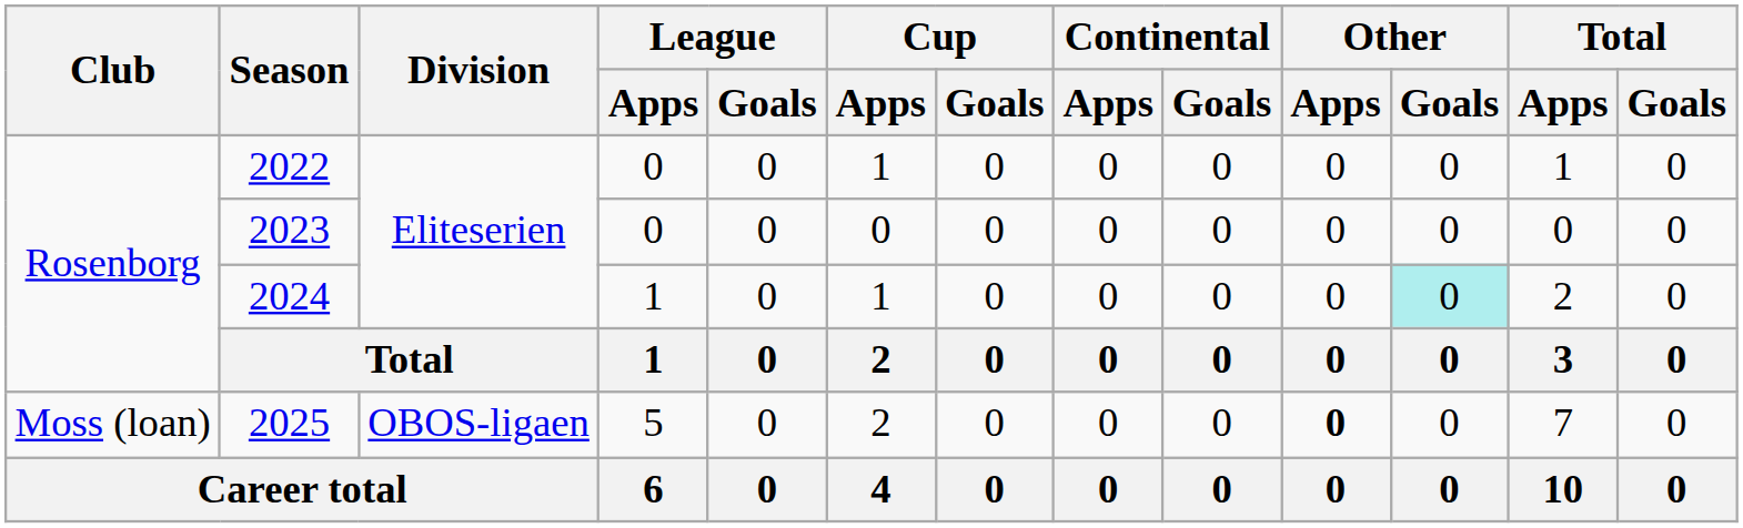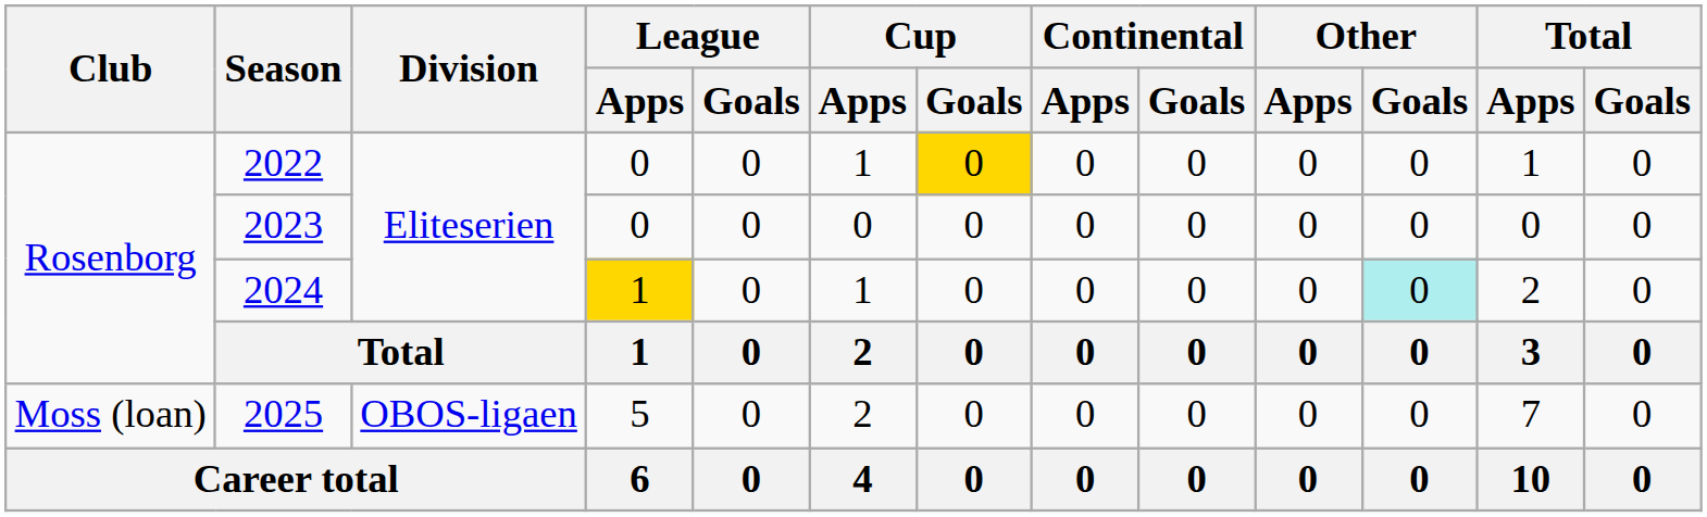 <table class="wikitable" style="text-align: center;">
 <tr>
 <th rowspan="2">Club</th>
 <th rowspan="2">Season</th>
 <th rowspan="2">Division</th>
 <th colspan="2">League</th>
 <th colspan="2">Cup</th>
 <th colspan="2">Continental</th>
 <th colspan="2">Other</th>
 <th colspan="2">Total</th>
 </tr>
 <tr>
 <th>Apps</th>
 <th>Goals</th>
 <th>Apps</th>
 <th>Goals</th>
 <th>Apps</th>
 <th>Goals</th>
 <th>Apps</th>
 <th>Goals</th>
 <th>Apps</th>
 <th>Goals</th>
 </tr>
 <tr>
 <td rowspan="4" valign="center"><a href='#'>Rosenborg</a></td>
 <td><a href='#'>2022</a></td>
 <td rowspan="3" valign="center"><a href='#'>Eliteserien</a></td>
 <td>0</td>
 <td>0</td>
 <td>1</td>
-<td>0</td>
+<td style="background: gold;">0</td>
 <td>0</td>
 <td>0</td>
 <td>0</td>
 <td>0</td>
 <td>1</td>
 <td>0</td>
 </tr>
 <tr>
 <td><a href='#'>2023</a></td>
 <td>0</td>
 <td>0</td>
 <td>0</td>
 <td>0</td>
 <td>0</td>
 <td>0</td>
 <td>0</td>
 <td>0</td>
 <td>0</td>
 <td>0</td>
 </tr>
 <tr>
 <td><a href='#'>2024</a></td>
-<td>1</td>
+<td style="background: gold;">1</td>
 <td>0</td>
 <td>1</td>
 <td>0</td>
 <td>0</td>
 <td>0</td>
 <td>0</td>
 <td style="background: paleturquoise;">0</td>
 <td>2</td>
 <td>0</td>
 </tr>
 <tr>
 <th colspan=2>Total</th>
 <th>1</th>
 <th>0</th>
 <th>2</th>
 <th>0</th>
 <th>0</th>
 <th>0</th>
 <th>0</th>
 <th>0</th>
 <th>3</th>
 <th>0</th>
 </tr>
 <tr>
 <td rowspan="1" valign="center"><a href='#'>Moss</a> (loan)</td>
 <td><a href='#'>2025</a></td>
 <td rowspan="1" valign="center"><a href='#'>OBOS-ligaen</a></td>
 <td>5</td>
 <td>0</td>
 <td>2</td>
 <td>0</td>
 <td>0</td>
 <td>0</td>
-<td><strong>0</strong></td>
+<td>0</td>
 <td>0</td>
 <td>7</td>
 <td>0</td>
 </tr>
 <tr>
 <th colspan="3">Career total</th>
 <th>6</th>
 <th>0</th>
 <th>4</th>
 <th>0</th>
 <th>0</th>
 <th>0</th>
 <th>0</th>
 <th>0</th>
 <th>10</th>
 <th>0</th>
 </tr>
 </table>
